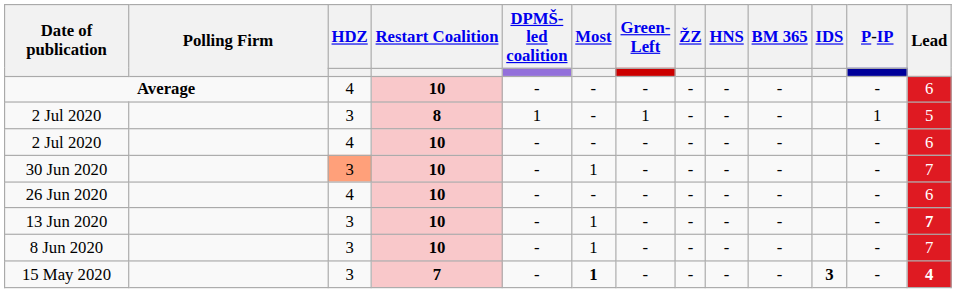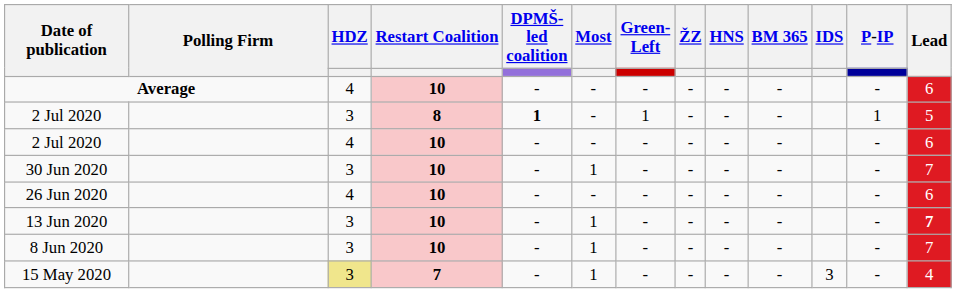 <table class="wikitable sortable" style="text-align:center; font-size:90%; line-height:16px;">
 <tr style="height:42px;">
 <th style="width:100px;" rowspan="2">Date of publication</th>
 <th style="width:165px;" rowspan="2">Polling Firm</th>
 <th class="unsortable"><a href='#'>HDZ</a></th>
 <th class="unsortable"><a href='#'>Restart Coalition</a></th>
 <th class="unsortable"><a href='#'>DPMŠ-led coalition</a></th>
 <th class="unsortable"><a href='#'>Most</a></th>
 <th class="unsortable"><a href='#'>Green-Left</a></th>
 <th class="unsortable"><a href='#'>ŽZ</a></th>
 <th class="unsortable"><a href='#'>HNS</a></th>
 <th class="unsortable"><a href='#'>BM 365</a></th>
 <th class="unsortable"><a href='#'>IDS</a></th>
 <th class="unsortable"><a href='#'>P</a>-<a href='#'>IP</a></th>
 <th class="unsortable" style="width:20px;" rowspan="2">Lead</th>
 </tr>
 <tr>
 <th class="unsortable" style="color:inherit;background:"></th>
 <th class="unsortable" style="color:inherit;background:"></th>
 <th class="unsortable" style="color:inherit;background:#9370db; width:45px;"></th>
 <th class="unsortable" style="color:inherit;background:"></th>
 <th class="unsortable" style="background:#cc0000" width="45px"></th>
 <th class="unsortable" style="color:inherit;background:"></th>
 <th class="unsortable" style="color:inherit;background:"></th>
 <th class="unsortable" style="color:inherit;background:"></th>
 <th class="unsortable" style="background:"></th>
 <th class="unsortable" style="color:inherit;background:#00009a; width:45px;"></th>
 </tr>
 <tr>
 <td colspan="2"><strong>Average</strong></td>
 <td>4</td>
 <td style="background:#F9C8CA"><strong>10</strong></td>
 <td>-</td>
 <td>-</td>
 <td>-</td>
 <td>-</td>
 <td>-</td>
 <td>-</td>
 <td></td>
 <td>-</td>
 <td style="background:#DF1A22; color:white;">6</td>
 </tr>
 <tr>
 <td>2 Jul 2020</td>
 <td></td>
 <td>3</td>
 <td style="background:#F9C8CA"><strong>8</strong></td>
-<td>1</td>
+<td><strong>1</strong></td>
 <td>-</td>
 <td>1</td>
 <td>-</td>
 <td>-</td>
 <td>-</td>
 <td></td>
 <td>1</td>
 <td style="background:#DF1A22; color:white;">5</td>
 </tr>
 <tr>
 <td>2 Jul 2020</td>
 <td></td>
 <td>4</td>
 <td style="background:#F9C8CA"><strong>10</strong></td>
 <td>-</td>
 <td>-</td>
 <td>-</td>
 <td>-</td>
 <td>-</td>
 <td>-</td>
 <td></td>
 <td>-</td>
 <td style="background:#DF1A22; color:white;">6</td>
 </tr>
 <tr>
 <td>30 Jun 2020</td>
 <td></td>
-<td style="background: lightsalmon;">3</td>
+<td>3</td>
 <td style="background:#F9C8CA"><strong>10</strong></td>
 <td>-</td>
 <td>1</td>
 <td>-</td>
 <td>-</td>
 <td>-</td>
 <td>-</td>
 <td></td>
 <td>-</td>
 <td style="background:#DF1A22; color:white;">7</td>
 </tr>
 <tr>
 <td>26 Jun 2020</td>
 <td></td>
 <td>4</td>
 <td style="background:#F9C8CA"><strong>10</strong></td>
 <td>-</td>
 <td>-</td>
 <td>-</td>
 <td>-</td>
 <td>-</td>
 <td>-</td>
 <td></td>
 <td>-</td>
 <td style="background:#DF1A22; color:white;">6</td>
 </tr>
 <tr>
 <td>13 Jun 2020</td>
 <td></td>
 <td>3</td>
 <td style="background:#F9C8CA"><strong>10</strong></td>
 <td>-</td>
 <td>1</td>
 <td>-</td>
 <td>-</td>
 <td>-</td>
 <td>-</td>
 <td></td>
 <td>-</td>
 <td style="background:#DF1A22; color:white;"><strong>7</strong></td>
 </tr>
 <tr>
 <td>8 Jun 2020</td>
 <td></td>
 <td>3</td>
 <td style="background:#F9C8CA"><strong>10</strong></td>
 <td>-</td>
 <td>1</td>
 <td>-</td>
 <td>-</td>
 <td>-</td>
 <td>-</td>
 <td></td>
 <td>-</td>
 <td style="background:#DF1A22; color:white;">7</td>
 </tr>
 <tr>
 <td>15 May 2020</td>
 <td></td>
-<td>3</td>
+<td style="background: khaki;">3</td>
 <td style="background:#F9C8CA"><strong>7</strong></td>
 <td>-</td>
-<td><strong>1</strong></td>
+<td>1</td>
 <td>-</td>
 <td>-</td>
 <td>-</td>
 <td>-</td>
-<td><strong>3</strong></td>
+<td>3</td>
 <td>-</td>
-<td style="background:#DF1A22; color:white;"><strong>4</strong></td>
+<td style="background:#DF1A22; color:white;">4</td>
 </tr>
 </table>
